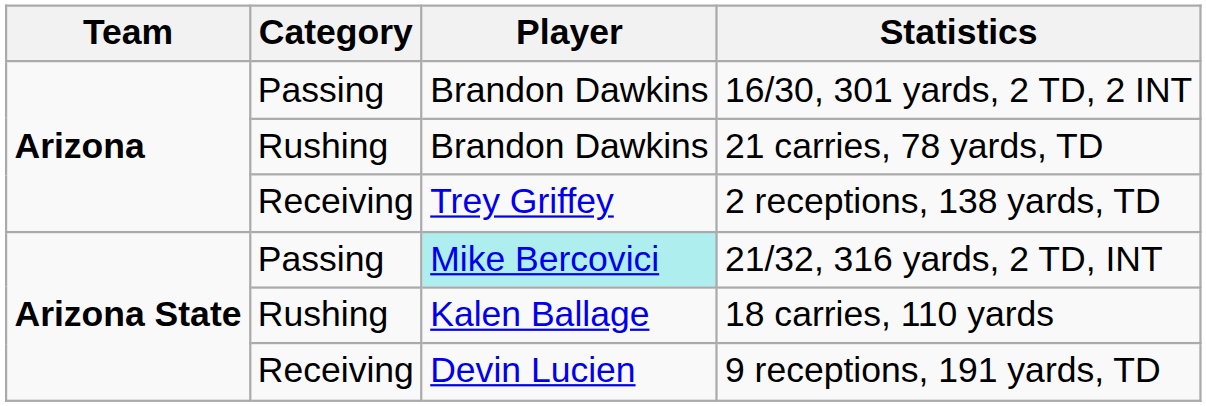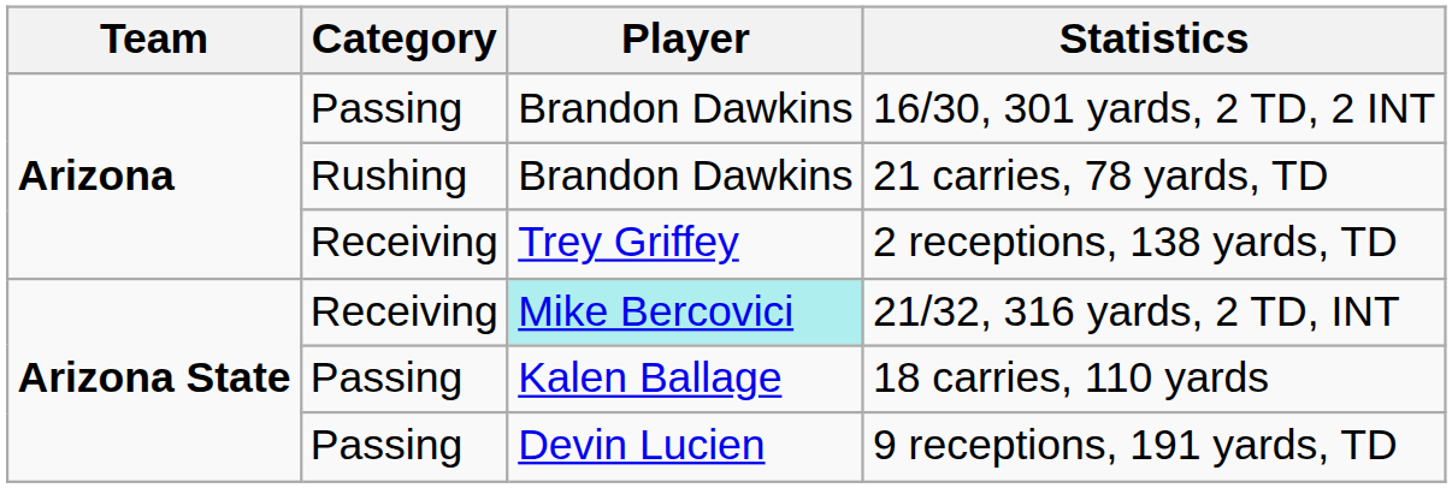 <table class="wikitable" style="float: right;">
 <tr>
 <th>Team</th>
 <th>Category</th>
 <th>Player</th>
 <th>Statistics</th>
 </tr>
 <tr>
 <td rowspan=3><strong>Arizona</strong></td>
 <td>Passing</td>
 <td>Brandon Dawkins</td>
 <td>16/30, 301 yards, 2 TD, 2 INT</td>
 </tr>
 <tr>
 <td>Rushing</td>
 <td>Brandon Dawkins</td>
 <td>21 carries, 78 yards, TD</td>
 </tr>
 <tr>
 <td>Receiving</td>
 <td><a href='#'>Trey Griffey</a></td>
 <td>2 receptions, 138 yards, TD</td>
 </tr>
 <tr>
 <td rowspan=3><strong>Arizona State</strong></td>
-<td>Passing</td>
+<td>Receiving</td>
 <td style="background: paleturquoise;"><a href='#'>Mike Bercovici</a></td>
 <td>21/32, 316 yards, 2 TD, INT</td>
 </tr>
 <tr>
-<td>Rushing</td>
+<td>Passing</td>
 <td><a href='#'>Kalen Ballage</a></td>
 <td>18 carries, 110 yards</td>
 </tr>
 <tr>
-<td>Receiving</td>
+<td>Passing</td>
 <td><a href='#'>Devin Lucien</a></td>
 <td>9 receptions, 191 yards, TD</td>
 </tr>
 </table>
